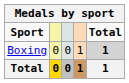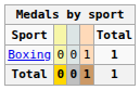 <table class="wikitable" style="font-size:85%; text-align:center;">
 <tr style="background:#efefef;">
 <th colspan=5><strong>Medals by sport</strong></th>
 </tr>
 <tr>
 <td><strong>Sport</strong></td>
 <td style="background:#f7f6a8;"></td>
 <td style="background:#dce5e5;"></td>
 <td style="background:#ffdab9;"></td>
 <td><strong>Total</strong></td>
 </tr>
 <tr>
 <td><a href='#'>Boxing</a></td>
 <td style="background:#F7F6A8;">0</td>
 <td style="background:#DCE5E5;">0</td>
 <td style="background:#FFDAB9;">1</td>
-<td style="background: lightgrey;"><strong>1</strong></td>
+<td><strong>1</strong></td>
 </tr>
 <tr>
 <th>Total</th>
 <th style="background:gold;">0</th>
 <th style="background:silver;">0</th>
 <th style="background:#c96;">1</th>
 <th>1</th>
 </tr>
 </table>
